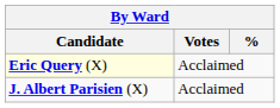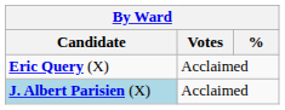 <table class="wikitable">
 <tr>
 <th colspan="3"><a href='#'>By Ward</a></th>
 </tr>
 <tr>
 <th style="width: 170px">Candidate</th>
 <th style="width: 50px">Votes</th>
 <th style="width: 40px">%</th>
 </tr>
 <tr>
-<td style="background: lightyellow;"><strong><a href='#'>Eric Query</a></strong> (X)</td>
+<td><strong><a href='#'>Eric Query</a></strong> (X)</td>
 <td colspan="2">Acclaimed</td>
 </tr>
 <tr>
-<td><strong><a href='#'>J. Albert Parisien</a></strong> (X)</td>
+<td style="background: lightblue;"><strong><a href='#'>J. Albert Parisien</a></strong> (X)</td>
 <td colspan="2">Acclaimed</td>
 </tr>
 </table>
